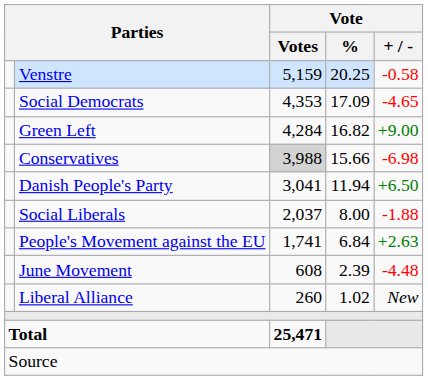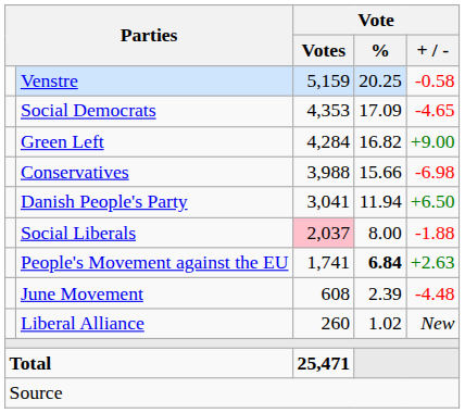 <table class="wikitable" style="text-align:right;">
 <tr>
 <th style="text-align:centre;" rowspan="2" colspan="2" width="225">Parties</th>
 <th colspan="3">Vote</th>
 </tr>
 <tr>
 <th width="15">Votes</th>
 <th width="15">%</th>
 <th width="15">+ / -</th>
 </tr>
 <tr>
 <td width="2" style="color:inherit;background:"></td>
 <td bgcolor=#cfe5fe   align="left"><a href='#'>Venstre</a></td>
 <td bgcolor=#cfe5fe>5,159</td>
 <td bgcolor=#cfe5fe>20.25</td>
 <td style=color:red;>-0.58</td>
 </tr>
 <tr>
 <td width="2" style="color:inherit;background:"></td>
 <td align="left"><a href='#'>Social Democrats</a></td>
 <td>4,353</td>
 <td>17.09</td>
 <td style=color:red;>-4.65</td>
 </tr>
 <tr>
 <td width="2" style="color:inherit;background:"></td>
 <td align="left"><a href='#'>Green Left</a></td>
 <td>4,284</td>
 <td>16.82</td>
 <td style=color:green;>+9.00</td>
 </tr>
 <tr>
 <td width="2" style="color:inherit;background:"></td>
 <td align="left"><a href='#'>Conservatives</a></td>
-<td style="background: lightgrey;">3,988</td>
+<td>3,988</td>
 <td>15.66</td>
 <td style=color:red;>-6.98</td>
 </tr>
 <tr>
 <td width="2" style="color:inherit;background:"></td>
 <td align="left"><a href='#'>Danish People's Party</a></td>
 <td>3,041</td>
 <td>11.94</td>
 <td style=color:green;>+6.50</td>
 </tr>
 <tr>
 <td width="2" style="color:inherit;background:"></td>
 <td align="left"><a href='#'>Social Liberals</a></td>
-<td>2,037</td>
+<td style="background: pink;">2,037</td>
 <td>8.00</td>
 <td style=color:red;>-1.88</td>
 </tr>
 <tr>
 <td width="2" style="color:inherit;background:"></td>
 <td align="left"><a href='#'>People's Movement against the EU</a></td>
 <td>1,741</td>
-<td>6.84</td>
+<td><strong>6.84</strong></td>
 <td style=color:green;>+2.63</td>
 </tr>
 <tr>
 <td width="2" style="color:inherit;background:"></td>
 <td align="left"><a href='#'>June Movement</a></td>
 <td>608</td>
 <td>2.39</td>
 <td style=color:red;>-4.48</td>
 </tr>
 <tr>
 <td width="2" style="color:inherit;background:"></td>
 <td align="left"><a href='#'>Liberal Alliance</a></td>
 <td>260</td>
 <td>1.02</td>
 <td><em>New</em></td>
 </tr>
 <tr>
 <td colspan="7" bgcolor="#E9E9E9"></td>
 </tr>
 <tr>
 <td align="left" colspan="2"><strong>Total</strong></td>
 <td><strong>25,471</strong></td>
 <td bgcolor="#E9E9E9" colspan="2"></td>
 </tr>
 <tr>
 <td align="left" colspan="6">Source</td>
 </tr>
 </table>
